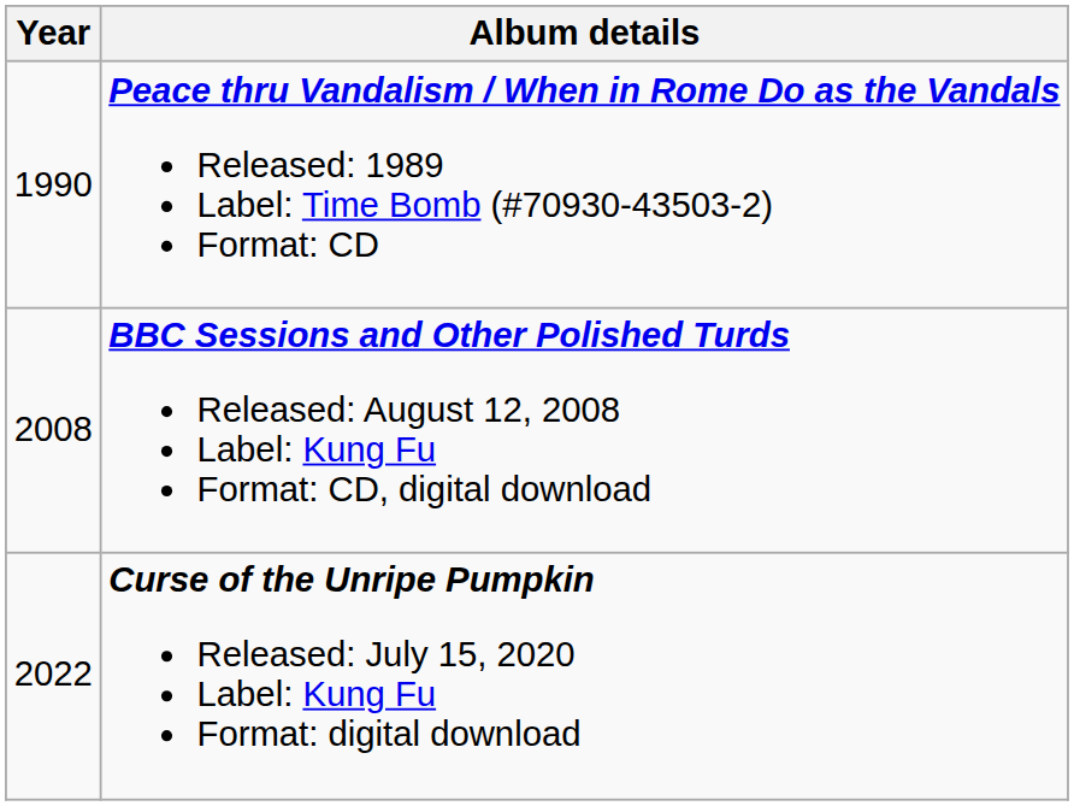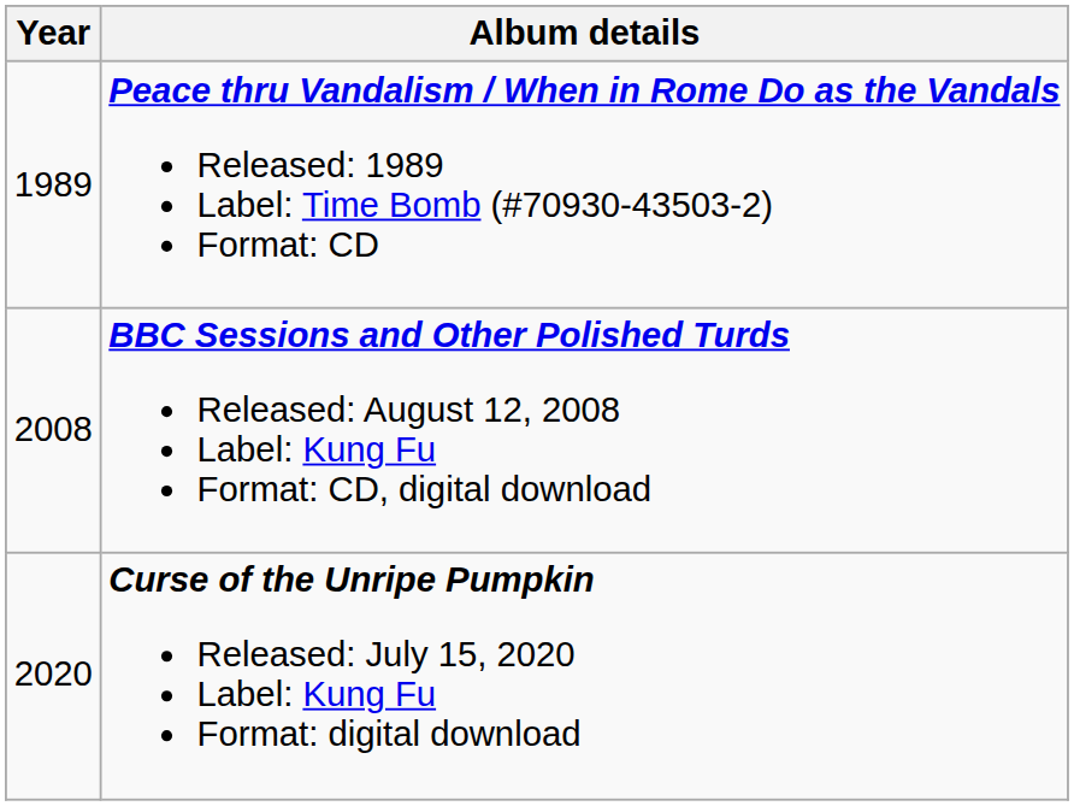 <table class ="wikitable">
 <tr>
 <th>Year</th>
 <th>Album details</th>
 </tr>
 <tr>
-<td>1990</td>
+<td>1989</td>
 <td><strong><em><a href='#'>Peace thru Vandalism / When in Rome Do as the Vandals</a></em></strong><br><ul><li>Released: 1989</li><li>Label: <a href='#'>Time Bomb</a> (#70930-43503-2)</li><li>Format: CD</li></ul></td>
 </tr>
 <tr>
 <td>2008</td>
 <td><strong><em><a href='#'>BBC Sessions and Other Polished Turds</a></em></strong><br><ul><li>Released: August 12, 2008</li><li>Label: <a href='#'>Kung Fu</a></li><li>Format: CD, digital download</li></ul></td>
 </tr>
 <tr>
-<td>2022</td>
+<td>2020</td>
 <td><strong><em>Curse of the Unripe Pumpkin</em></strong><br><ul><li>Released: July 15, 2020</li><li>Label: <a href='#'>Kung Fu</a></li><li>Format: digital download</li></ul></td>
 </tr>
 </table>
